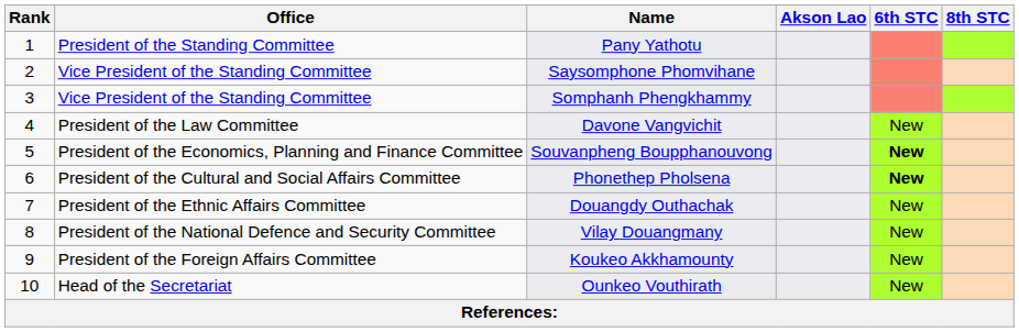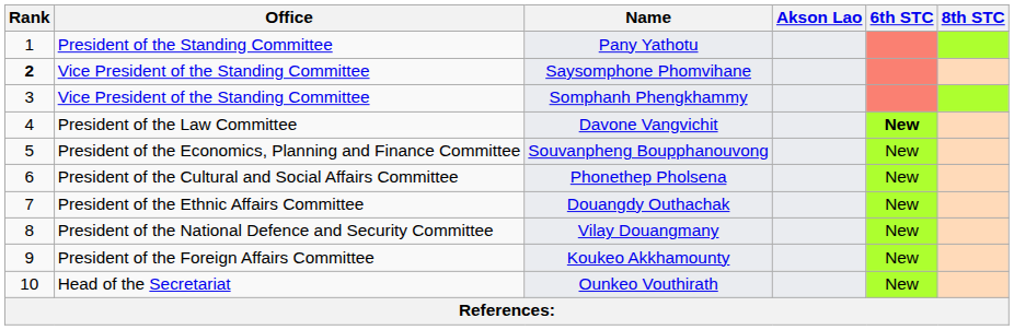 <table class="wikitable sortable" style=text-align:center>
 <tr>
 <th>Rank</th>
 <th>Office</th>
 <th>Name</th>
 <th class="unsortable"><a href='#'>Akson Lao</a></th>
 <th><a href='#'>6th STC</a></th>
 <th><a href='#'>8th STC</a></th>
 </tr>
 <tr>
 <td>1</td>
 <td align="left"><a href='#'>President of the Standing Committee</a></td>
 <td bgcolor = #EAECF0><a href='#'>Pany Yathotu</a></td>
 <td bgcolor = #EAECF0></td>
 <td bgcolor = Salmon></td>
 <td bgcolor = GreenYellow></td>
 </tr>
 <tr>
-<td>2</td>
+<td><strong>2</strong></td>
 <td align="left"><a href='#'>Vice President of the Standing Committee</a></td>
 <td bgcolor = #EAECF0><a href='#'>Saysomphone Phomvihane</a></td>
 <td bgcolor = #EAECF0></td>
 <td bgcolor = Salmon></td>
 <td bgcolor = PeachPuff></td>
 </tr>
 <tr>
 <td>3</td>
 <td align="left"><a href='#'>Vice President of the Standing Committee</a></td>
 <td bgcolor = #EAECF0><a href='#'>Somphanh Phengkhammy</a></td>
 <td bgcolor = #EAECF0></td>
 <td bgcolor = Salmon></td>
 <td bgcolor = GreenYellow></td>
 </tr>
 <tr>
 <td>4</td>
 <td align="left">President of the Law Committee</td>
 <td bgcolor = #EAECF0><a href='#'>Davone Vangvichit</a></td>
 <td bgcolor = #EAECF0></td>
-<td bgcolor = GreenYellow>New</td>
+<td bgcolor = GreenYellow><strong>New</strong></td>
 <td bgcolor = PeachPuff></td>
 </tr>
 <tr>
 <td>5</td>
 <td align="left">President of the Economics, Planning and Finance Committee</td>
 <td bgcolor = #EAECF0><a href='#'>Souvanpheng Boupphanouvong</a></td>
 <td bgcolor = #EAECF0></td>
-<td bgcolor = GreenYellow><strong>New</strong></td>
+<td bgcolor = GreenYellow>New</td>
 <td bgcolor = PeachPuff></td>
 </tr>
 <tr>
 <td>6</td>
 <td align="left">President of the Cultural and Social Affairs Committee</td>
 <td bgcolor = #EAECF0><a href='#'>Phonethep Pholsena</a></td>
 <td bgcolor = #EAECF0></td>
-<td bgcolor = GreenYellow><strong>New</strong></td>
+<td bgcolor = GreenYellow>New</td>
 <td bgcolor = PeachPuff></td>
 </tr>
 <tr>
 <td>7</td>
 <td align="left">President of the Ethnic Affairs Committee</td>
 <td bgcolor = #EAECF0><a href='#'>Douangdy Outhachak</a></td>
 <td bgcolor = #EAECF0></td>
 <td bgcolor = GreenYellow>New</td>
 <td bgcolor = PeachPuff></td>
 </tr>
 <tr>
 <td>8</td>
 <td align="left">President of the National Defence and Security Committee</td>
 <td bgcolor = #EAECF0><a href='#'>Vilay Douangmany</a></td>
 <td bgcolor = #EAECF0></td>
 <td bgcolor = GreenYellow>New</td>
 <td bgcolor = PeachPuff></td>
 </tr>
 <tr>
 <td>9</td>
 <td align="left">President of the Foreign Affairs Committee</td>
 <td bgcolor = #EAECF0><a href='#'>Koukeo Akkhamounty</a></td>
 <td bgcolor = #EAECF0></td>
 <td bgcolor = GreenYellow>New</td>
 <td bgcolor = PeachPuff></td>
 </tr>
 <tr>
 <td>10</td>
 <td align="left">Head of the <a href='#'>Secretariat</a></td>
 <td bgcolor = #EAECF0><a href='#'>Ounkeo Vouthirath</a></td>
 <td bgcolor = #EAECF0></td>
 <td bgcolor = GreenYellow>New</td>
 <td bgcolor = PeachPuff></td>
 </tr>
 <tr class=sortbottom>
 <th colspan = "6" align = left><strong>References:</strong><br></th>
 </tr>
 </table>
